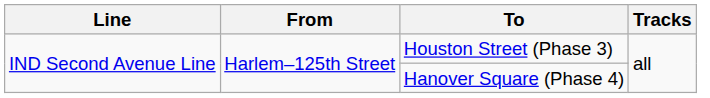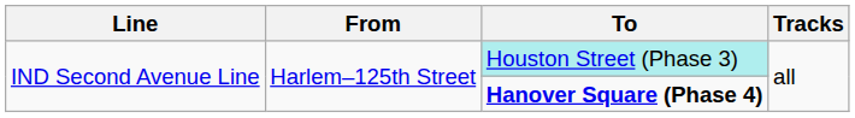 <table class="wikitable" style="font-size:95%">
 <tr>
 <th>Line</th>
 <th>From</th>
 <th>To</th>
 <th>Tracks</th>
 </tr>
 <tr>
 <td rowspan=2><a href='#'>IND Second Avenue Line</a></td>
 <td rowspan=2><a href='#'>Harlem–125th Street</a></td>
-<td><a href='#'>Houston Street</a> (Phase 3)</td>
+<td style="background: paleturquoise;"><a href='#'>Houston Street</a> (Phase 3)</td>
 <td rowspan=2>all</td>
 </tr>
 <tr>
-<td><a href='#'>Hanover Square</a> (Phase 4)</td>
+<td><strong><a href='#'>Hanover Square</a> (Phase 4)</strong></td>
 </tr>
 </table>
